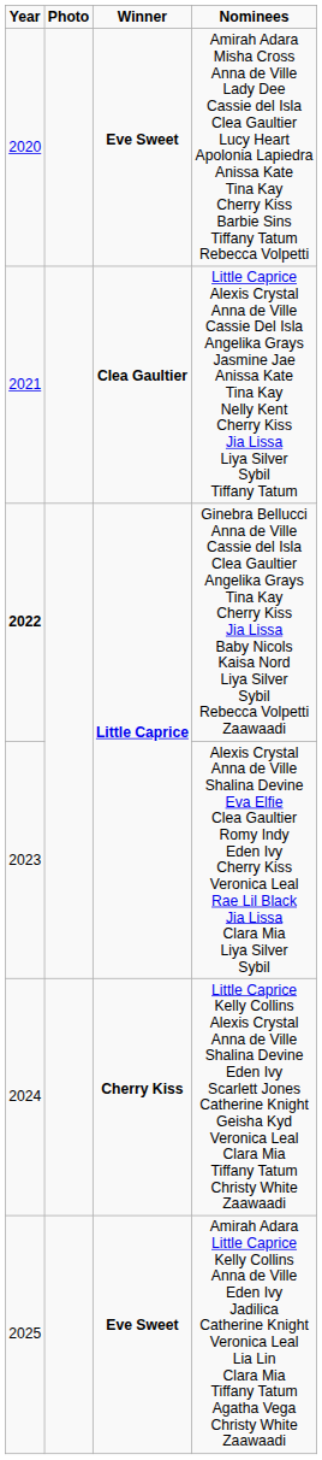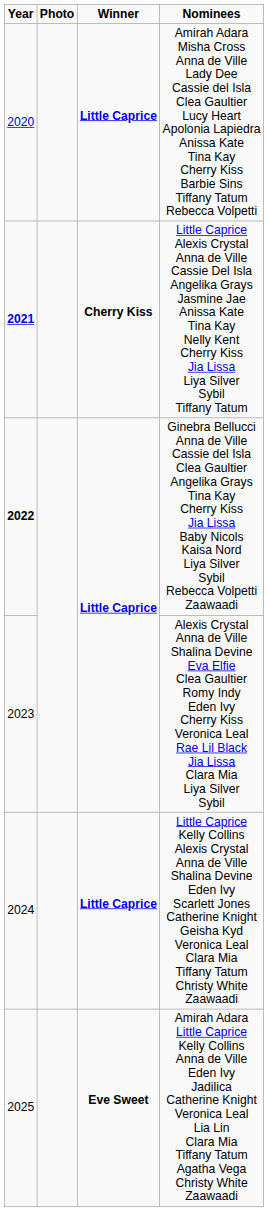 <table class=wikitable>
 <tr>
 <td align=center><strong>Year</strong></td>
 <td align=center><strong>Photo</strong></td>
 <td align=center><strong>Winner</strong></td>
 <td align=center><strong>Nominees</strong></td>
 </tr>
 <tr>
 <td><a href='#'>2020</a></td>
 <td></td>
-<td align=center><strong>Eve Sweet</strong><br><br></td>
+<td align=center><strong><a href='#'>Little Caprice</a></strong><br><br></td>
 <td align=center>Amirah Adara<br>Misha Cross<br> Anna de Ville<br> Lady Dee <br> Cassie del Isla<br> Clea Gaultier <br> Lucy Heart<br> Apolonia Lapiedra <br> Anissa Kate<br> Tina Kay<br> Cherry Kiss<br> Barbie Sins<br>Tiffany Tatum<br> Rebecca Volpetti</td>
 </tr>
 <tr>
-<td><a href='#'>2021</a></td>
+<td><strong><a href='#'>2021</a></strong></td>
 <td></td>
-<td align=center><strong>Clea Gaultier</strong><br><br></td>
+<td align=center><strong>Cherry Kiss</strong><br><br></td>
 <td align=center><a href='#'>Little Caprice</a><br> Alexis Crystal<br> Anna de Ville<br> Cassie Del Isla<br> Angelika Grays<br> Jasmine Jae<br> Anissa Kate<br> Tina Kay<br> Nelly Kent<br> Cherry Kiss<br> <a href='#'>Jia Lissa</a><br> Liya Silver<br> Sybil<br> Tiffany Tatum</td>
 </tr>
 <tr>
 <td><strong>2022</strong></td>
 <td rowspan=2></td>
 <td align=center rowspan=2><strong><a href='#'>Little Caprice</a></strong><br><br></td>
 <td align=center>Ginebra Bellucci<br>Anna de Ville<br>Cassie del Isla<br>Clea Gaultier<br>Angelika Grays<br>Tina Kay<br>Cherry Kiss<br><a href='#'>Jia Lissa</a><br>Baby Nicols<br>Kaisa Nord<br>Liya Silver<br>Sybil<br>Rebecca Volpetti<br>Zaawaadi</td>
 </tr>
 <tr>
 <td>2023</td>
 <td align=center>Alexis Crystal<br>Anna de Ville<br>Shalina Devine<br><a href='#'>Eva Elfie</a><br>Clea Gaultier<br>Romy Indy<br>Eden Ivy<br>Cherry Kiss<br>Veronica Leal<br><a href='#'>Rae Lil Black</a><br><a href='#'>Jia Lissa</a><br>Clara Mia<br>Liya Silver<br>Sybil</td>
 </tr>
 <tr>
 <td>2024</td>
 <td></td>
-<td align=center><strong>Cherry Kiss</strong><br><br></td>
+<td align=center><strong><a href='#'>Little Caprice</a></strong><br><br></td>
 <td align=center><a href='#'>Little Caprice</a><br>Kelly Collins<br>Alexis Crystal<br>Anna de Ville<br>Shalina Devine<br>Eden Ivy<br>Scarlett Jones<br>Catherine Knight<br>Geisha Kyd<br>Veronica Leal<br>Clara Mia<br>Tiffany Tatum<br>Christy White<br>Zaawaadi</td>
 </tr>
 <tr>
 <td>2025</td>
 <td></td>
 <td align=center><strong>Eve Sweet</strong><br><br></td>
 <td align=center>Amirah Adara<br><a href='#'>Little Caprice</a><br>Kelly Collins<br>Anna de Ville<br>Eden Ivy<br>Jadilica<br>Catherine Knight<br>Veronica Leal<br>Lia Lin<br>Clara Mia<br>Tiffany Tatum<br>Agatha Vega<br>Christy White<br>Zaawaadi</td>
 </tr>
 </table>
